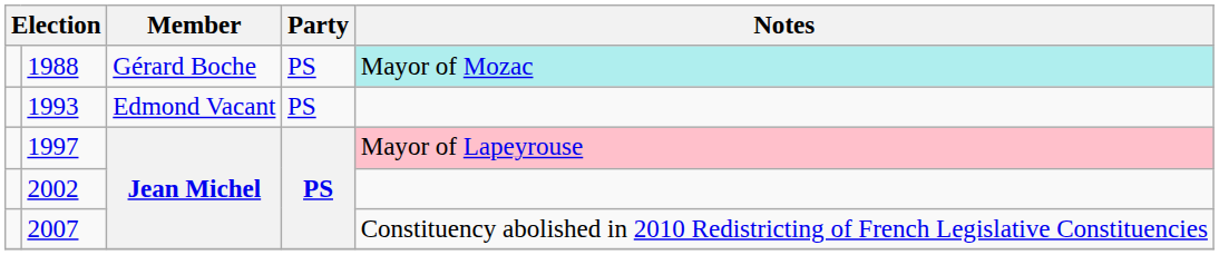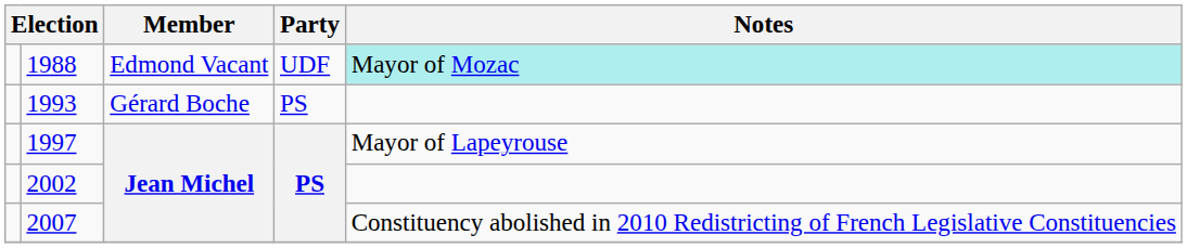 <table class="wikitable">
 <tr>
 <th colspan=2>Election</th>
 <th>Member</th>
 <th>Party</th>
 <th>Notes</th>
 </tr>
 <tr>
 <td style="background-color: "></td>
 <td><a href='#'>1988</a></td>
-<td><a href='#'>Gérard Boche</a></td>
-<td><a href='#'>PS</a></td>
+<td><a href='#'>Edmond Vacant</a></td>
+<td><a href='#'>UDF</a></td>
 <td style="background: paleturquoise;">Mayor of <a href='#'>Mozac</a></td>
 </tr>
 <tr>
 <td style="background-color: "></td>
 <td><a href='#'>1993</a></td>
-<td><a href='#'>Edmond Vacant</a></td>
+<td><a href='#'>Gérard Boche</a></td>
 <td><a href='#'>PS</a></td>
 </tr>
 <tr>
 <td style="background-color: "></td>
 <td><a href='#'>1997</a></td>
 <th rowspan=3><a href='#'>Jean Michel</a></th>
 <th rowspan=3><a href='#'>PS</a></th>
-<td style="background: pink;">Mayor of <a href='#'>Lapeyrouse</a></td>
+<td>Mayor of <a href='#'>Lapeyrouse</a></td>
 </tr>
 <tr>
 <td style="background-color: "></td>
 <td><a href='#'>2002</a></td>
 </tr>
 <tr>
 <td style="background-color: "></td>
 <td><a href='#'>2007</a></td>
 <td>Constituency abolished in <a href='#'>2010 Redistricting of French Legislative Constituencies</a></td>
 </tr>
 <tr>
 </tr>
 </table>
